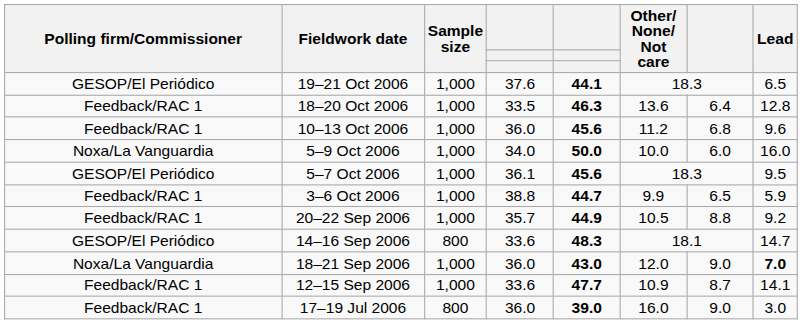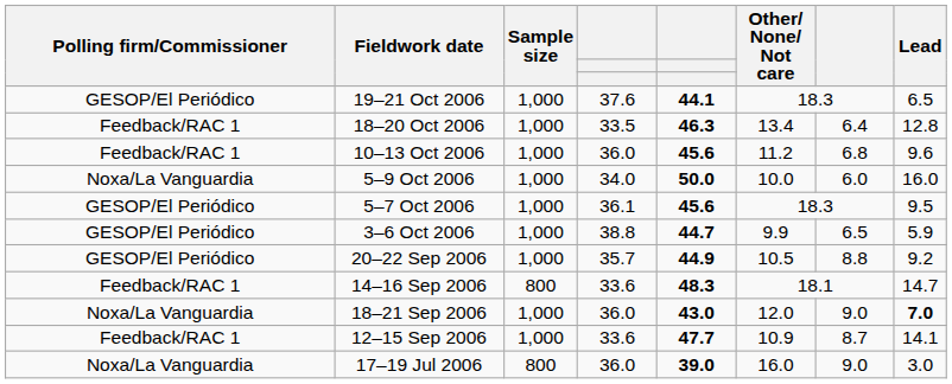 <table class="wikitable collapsible collapsed" style="text-align:center; font-size:90%; line-height:14px;">
 <tr style="height:42px;">
 <th style="width:250px;" rowspan="3">Polling firm/Commissioner</th>
 <th style="width:125px;" rowspan="3">Fieldwork date</th>
 <th style="width:50px;" rowspan="3">Sample size</th>
 <th style="width:55px;"></th>
 <th style="width:55px;"></th>
 <th style="width:55px;" rowspan="3">Other/<br>None/<br>Not<br>care</th>
 <th style="width:55px;" rowspan="3"></th>
 <th style="width:30px;" rowspan="3">Lead</th>
 </tr>
 <tr>
 <th style="color:inherit;background:"></th>
 <th style="color:inherit;background:"></th>
 </tr>
 <tr>
 <th></th>
 <th></th>
 </tr>
 <tr>
 <td>GESOP/El Periódico</td>
 <td>19–21 Oct 2006</td>
 <td>1,000</td>
 <td>37.6</td>
 <td><strong>44.1</strong></td>
 <td colspan="2">18.3</td>
 <td style="background:">6.5</td>
 </tr>
 <tr>
 <td>Feedback/RAC 1</td>
 <td>18–20 Oct 2006</td>
 <td>1,000</td>
 <td>33.5</td>
 <td><strong>46.3</strong></td>
-<td>13.6</td>
+<td>13.4</td>
 <td>6.4</td>
 <td style="background:">12.8</td>
 </tr>
 <tr>
 <td>Feedback/RAC 1</td>
 <td>10–13 Oct 2006</td>
 <td>1,000</td>
 <td>36.0</td>
 <td><strong>45.6</strong></td>
 <td>11.2</td>
 <td>6.8</td>
 <td style="background:">9.6</td>
 </tr>
 <tr>
 <td>Noxa/La Vanguardia</td>
 <td>5–9 Oct 2006</td>
 <td>1,000</td>
 <td>34.0</td>
 <td><strong>50.0</strong></td>
 <td>10.0</td>
 <td>6.0</td>
 <td style="background:">16.0</td>
 </tr>
 <tr>
 <td>GESOP/El Periódico</td>
 <td>5–7 Oct 2006</td>
 <td>1,000</td>
 <td>36.1</td>
 <td><strong>45.6</strong></td>
 <td colspan="2">18.3</td>
 <td style="background:">9.5</td>
 </tr>
 <tr>
-<td>Feedback/RAC 1</td>
+<td>GESOP/El Periódico</td>
 <td>3–6 Oct 2006</td>
 <td>1,000</td>
 <td>38.8</td>
 <td><strong>44.7</strong></td>
 <td>9.9</td>
 <td>6.5</td>
 <td style="background:">5.9</td>
 </tr>
 <tr>
-<td>Feedback/RAC 1</td>
+<td>GESOP/El Periódico</td>
 <td>20–22 Sep 2006</td>
 <td>1,000</td>
 <td>35.7</td>
 <td><strong>44.9</strong></td>
 <td>10.5</td>
 <td>8.8</td>
 <td style="background:">9.2</td>
 </tr>
 <tr>
-<td>GESOP/El Periódico</td>
+<td>Feedback/RAC 1</td>
 <td>14–16 Sep 2006</td>
 <td>800</td>
 <td>33.6</td>
 <td><strong>48.3</strong></td>
 <td colspan="2">18.1</td>
 <td style="background:">14.7</td>
 </tr>
 <tr>
 <td>Noxa/La Vanguardia</td>
 <td>18–21 Sep 2006</td>
 <td>1,000</td>
 <td>36.0</td>
 <td><strong>43.0</strong></td>
 <td>12.0</td>
 <td>9.0</td>
 <td style="background:"><strong>7.0</strong></td>
 </tr>
 <tr>
 <td>Feedback/RAC 1</td>
 <td>12–15 Sep 2006</td>
 <td>1,000</td>
 <td>33.6</td>
 <td><strong>47.7</strong></td>
 <td>10.9</td>
 <td>8.7</td>
 <td style="background:">14.1</td>
 </tr>
 <tr>
-<td>Feedback/RAC 1</td>
+<td>Noxa/La Vanguardia</td>
 <td>17–19 Jul 2006</td>
 <td>800</td>
 <td>36.0</td>
 <td><strong>39.0</strong></td>
 <td>16.0</td>
 <td>9.0</td>
 <td style="background:">3.0</td>
 </tr>
 </table>
